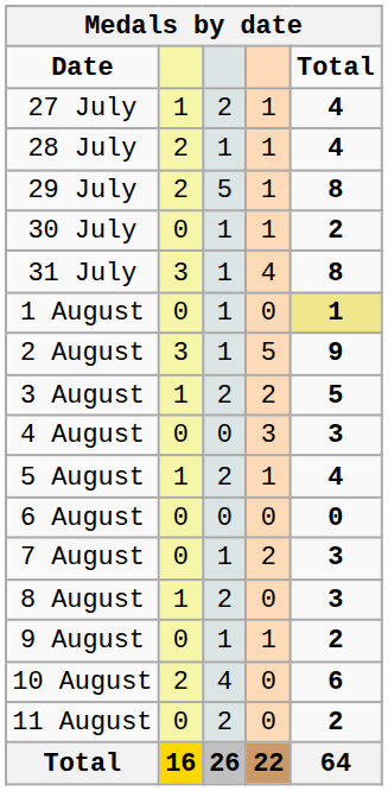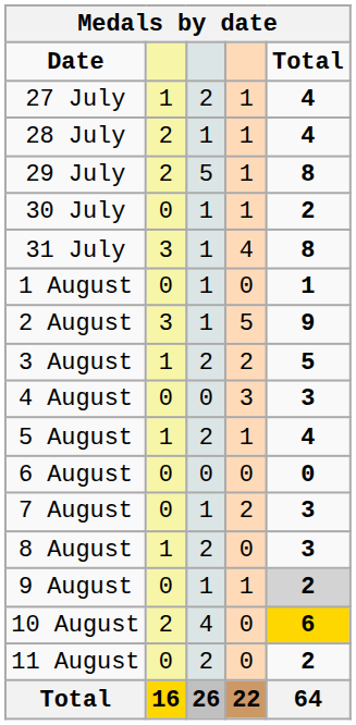 <table class="wikitable" style="font-size:85%; float:center;">
 <tr style="background:#efefef;">
 <th colspan=6>Medals by date</th>
 </tr>
 <tr align=center>
 <td><strong>Date</strong></td>
 <td bgcolor=#f7f6a8></td>
 <td bgcolor=#dce5e5></td>
 <td bgcolor=#ffdab9></td>
 <td><strong>Total</strong></td>
 </tr>
 <tr align=center>
 <td>27 July</td>
 <td style="background:#F7F6A8;">1</td>
 <td style="background:#DCE5E5;">2</td>
 <td style="background:#FFDAB9;">1</td>
 <td><strong>4</strong></td>
 </tr>
 <tr align=center>
 <td>28 July</td>
 <td style="background:#F7F6A8;">2</td>
 <td style="background:#DCE5E5;">1</td>
 <td style="background:#FFDAB9;">1</td>
 <td><strong>4</strong></td>
 </tr>
 <tr align=center>
 <td>29 July</td>
 <td style="background:#F7F6A8;">2</td>
 <td style="background:#DCE5E5;">5</td>
 <td style="background:#FFDAB9;">1</td>
 <td><strong>8</strong></td>
 </tr>
 <tr align=center>
 <td>30 July</td>
 <td style="background:#F7F6A8;">0</td>
 <td style="background:#DCE5E5;">1</td>
 <td style="background:#FFDAB9;">1</td>
 <td><strong>2</strong></td>
 </tr>
 <tr align=center>
 <td>31 July</td>
 <td style="background:#F7F6A8;">3</td>
 <td style="background:#DCE5E5;">1</td>
 <td style="background:#FFDAB9;">4</td>
 <td><strong>8</strong></td>
 </tr>
 <tr align=center>
 <td>1 August</td>
 <td style="background:#F7F6A8;">0</td>
 <td style="background:#DCE5E5;">1</td>
 <td style="background:#FFDAB9;">0</td>
-<td style="background: khaki;"><strong>1</strong></td>
+<td><strong>1</strong></td>
 </tr>
 <tr align=center>
 <td>2 August</td>
 <td style="background:#F7F6A8;">3</td>
 <td style="background:#DCE5E5;">1</td>
 <td style="background:#FFDAB9;">5</td>
 <td><strong>9</strong></td>
 </tr>
 <tr align=center>
 <td>3 August</td>
 <td style="background:#F7F6A8;">1</td>
 <td style="background:#DCE5E5;">2</td>
 <td style="background:#FFDAB9;">2</td>
 <td><strong>5</strong></td>
 </tr>
 <tr align=center>
 <td>4 August</td>
 <td style="background:#F7F6A8;">0</td>
 <td style="background:#DCE5E5;">0</td>
 <td style="background:#FFDAB9;">3</td>
 <td><strong>3</strong></td>
 </tr>
 <tr align=center>
 <td>5 August</td>
 <td style="background:#F7F6A8;">1</td>
 <td style="background:#DCE5E5;">2</td>
 <td style="background:#FFDAB9;">1</td>
 <td><strong>4</strong></td>
 </tr>
 <tr align=center>
 <td>6 August</td>
 <td style="background:#F7F6A8;">0</td>
 <td style="background:#DCE5E5;">0</td>
 <td style="background:#FFDAB9;">0</td>
 <td><strong>0</strong></td>
 </tr>
 <tr align=center>
 <td>7 August</td>
 <td style="background:#F7F6A8;">0</td>
 <td style="background:#DCE5E5;">1</td>
 <td style="background:#FFDAB9;">2</td>
 <td><strong>3</strong></td>
 </tr>
 <tr align=center>
 <td>8 August</td>
 <td style="background:#F7F6A8;">1</td>
 <td style="background:#DCE5E5;">2</td>
 <td style="background:#FFDAB9;">0</td>
 <td><strong>3</strong></td>
 </tr>
 <tr align=center>
 <td>9 August</td>
 <td style="background:#F7F6A8;">0</td>
 <td style="background:#DCE5E5;">1</td>
 <td style="background:#FFDAB9;">1</td>
-<td><strong>2</strong></td>
+<td style="background: lightgrey;"><strong>2</strong></td>
 </tr>
 <tr align=center>
 <td>10 August</td>
 <td style="background:#F7F6A8;">2</td>
 <td style="background:#DCE5E5;">4</td>
 <td style="background:#FFDAB9;">0</td>
-<td><strong>6</strong></td>
+<td style="background: gold;"><strong>6</strong></td>
 </tr>
 <tr align=center>
 <td>11 August</td>
 <td style="background:#F7F6A8;">0</td>
 <td style="background:#DCE5E5;">2</td>
 <td style="background:#FFDAB9;">0</td>
 <td><strong>2</strong></td>
 </tr>
 <tr align=center>
 <th><strong>Total</strong></th>
 <th style="background:gold;"><strong>16</strong></th>
 <th style="background:silver;"><strong>26</strong></th>
 <th style="background:#c96;"><strong>22</strong></th>
 <th>64</th>
 </tr>
 </table>
